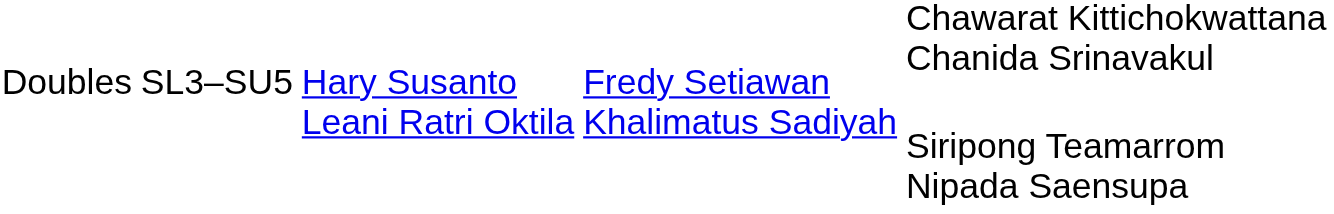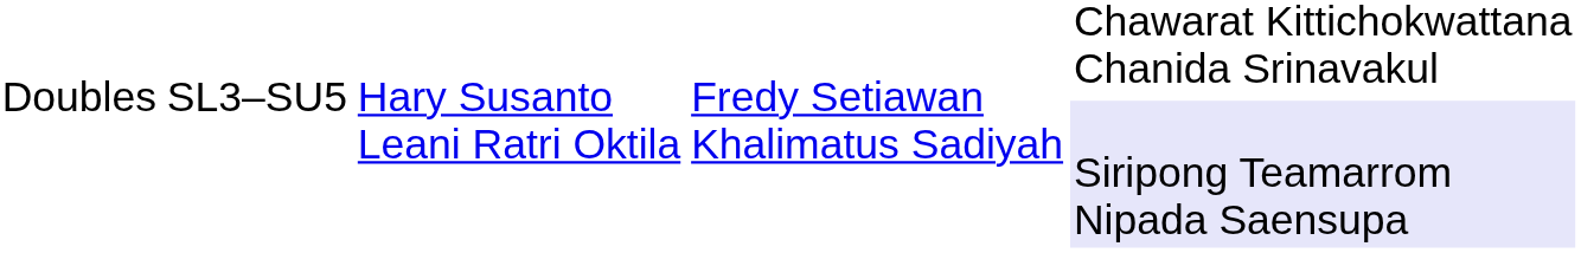 <table>
 <tr>
 <td rowspan="2">Doubles</td>
 <td rowspan="2">SL3–SU5</td>
 <td rowspan="2"><br><a href='#'>Hary Susanto</a><br><a href='#'>Leani Ratri Oktila</a></td>
 <td rowspan="2"><br><a href='#'>Fredy Setiawan</a><br><a href='#'>Khalimatus Sadiyah</a></td>
 <td><br>Chawarat Kittichokwattana<br>Chanida Srinavakul</td>
 </tr>
 <tr>
-<td><br>Siripong Teamarrom<br>Nipada Saensupa</td>
+<td style="background: lavender;"><br>Siripong Teamarrom<br>Nipada Saensupa</td>
 </tr>
 </table>
